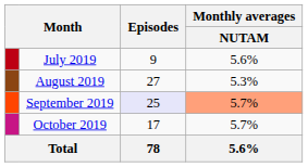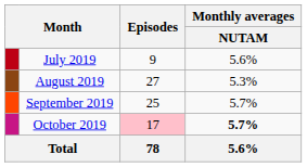 <table class="wikitable plainrowheaders" style="text-align: center; line-height:25px;">
 <tr class="wikitable" style="text-align: center;">
 <th colspan="2" rowspan="2" style="padding: 0 8px;">Month</th>
 <th rowspan="2" style="padding: 0 8px;">Episodes</th>
 <th colspan="2" style="padding: 0 8px;">Monthly averages</th>
 </tr>
 <tr>
 <th style="padding: 0 8px;">NUTAM</th>
 </tr>
 <tr>
 <td style="padding: 0 8px; background:#BD0014;"></td>
 <td style="padding: 0 8px;" '><a href='#'>July 2019</a></td>
 <td style="padding: 0 8px;">9</td>
 <td style="padding: 0 8px;">5.6%</td>
 </tr>
 <tr>
 <td style="padding: 0 8px; background:#8B4513;"></td>
 <td style="padding: 0 8px;" '><a href='#'>August 2019</a></td>
 <td style="padding: 0 8px;">27</td>
 <td style="padding: 0 8px;">5.3%</td>
 </tr>
 <tr>
 <td style="padding: 0 8px; background:#FF4500;"></td>
 <td style="padding: 0 8px;" '><a href='#'>September 2019</a></td>
-<td style="background: lavender; padding: 0 8px;">25</td>
-<td style="background: lightsalmon; padding: 0 8px;">5.7%</td>
+<td style="padding: 0 8px;">25</td>
+<td style="padding: 0 8px;">5.7%</td>
 </tr>
 <tr>
 <td style="padding: 0 8px; background:#C71585;"></td>
 <td style="padding: 0 8px;" '><a href='#'>October 2019</a></td>
-<td style="padding: 0 8px;">17</td>
-<td style="padding: 0 8px;">5.7%</td>
+<td style="background: pink; padding: 0 8px;">17</td>
+<td style="padding: 0 8px;"><strong>5.7%</strong></td>
 </tr>
 <tr>
 <th colspan="2">Total</th>
 <th colspan="1">78</th>
 <th colspan="2">5.6%</th>
 </tr>
 </table>
